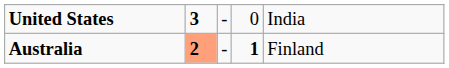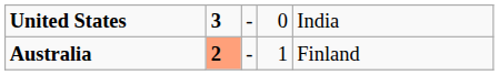 <table class="wikitable">
 <tr>
 <td width=150> <strong>United States</strong></td>
 <td style="width:20px; text-align:left;"><strong>3</strong></td>
 <td>-</td>
 <td style="width:20px; text-align:right;">0</td>
 <td width=150> India</td>
 </tr>
 <tr>
 <td> <strong>Australia</strong></td>
 <td style="background: lightsalmon; text-align:left;"><strong>2</strong></td>
 <td>-</td>
-<td style="text-align:right;"><strong>1</strong></td>
+<td style="text-align:right;">1</td>
 <td> Finland</td>
 </tr>
 </table>
